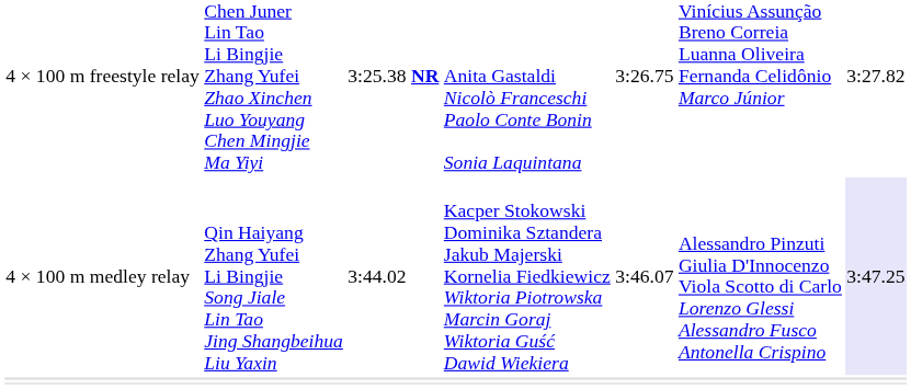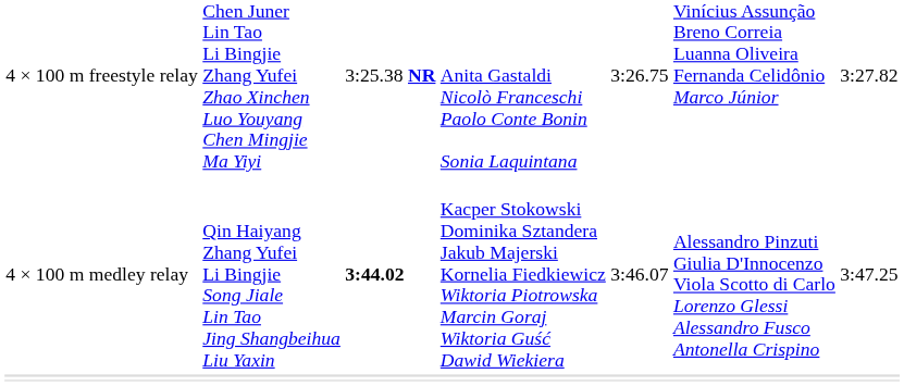 <table>
 <tr>
 <td>4 × 100 m freestyle relay<br></td>
 <td valign=top><br><a href='#'>Chen Juner</a><br><a href='#'>Lin Tao</a><br><a href='#'>Li Bingjie</a><br><a href='#'>Zhang Yufei</a> <br><em><a href='#'>Zhao Xinchen</a><br><a href='#'>Luo Youyang</a><br><a href='#'>Chen Mingjie</a><br><a href='#'>Ma Yiyi</a></em></td>
 <td>3:25.38 <strong><a href='#'>NR</a></strong></td>
 <td valign=top><br><br><br><br><a href='#'>Anita Gastaldi</a> <br><em><a href='#'>Nicolò Franceschi</a><br><a href='#'>Paolo Conte Bonin</a><br><br><a href='#'>Sonia Laquintana</a></em></td>
 <td>3:26.75</td>
 <td valign=top><br><a href='#'>Vinícius Assunção</a><br><a href='#'>Breno Correia</a><br><a href='#'>Luanna Oliveira</a><br><a href='#'>Fernanda Celidônio</a><br><em><a href='#'>Marco Júnior</a></em></td>
 <td>3:27.82</td>
 </tr>
 <tr>
 <td>4 × 100 m medley relay<br></td>
 <td><br><br><a href='#'>Qin Haiyang</a><br><a href='#'>Zhang Yufei</a><br><a href='#'>Li Bingjie</a><br><em><a href='#'>Song Jiale</a><br><a href='#'>Lin Tao</a><br><a href='#'>Jing Shangbeihua</a><br><a href='#'>Liu Yaxin</a></em></td>
-<td>3:44.02</td>
+<td><strong>3:44.02</strong></td>
 <td><br><a href='#'>Kacper Stokowski</a><br><a href='#'>Dominika Sztandera</a><br><a href='#'>Jakub Majerski</a><br><a href='#'>Kornelia Fiedkiewicz</a><br><em><a href='#'>Wiktoria Piotrowska</a><br><a href='#'>Marcin Goraj</a><br><a href='#'>Wiktoria Guść</a><br><a href='#'>Dawid Wiekiera</a></em></td>
 <td>3:46.07</td>
 <td><br><br><a href='#'>Alessandro Pinzuti</a><br><a href='#'>Giulia D'Innocenzo</a><br><a href='#'>Viola Scotto di Carlo</a><br><em><a href='#'>Lorenzo Glessi</a><br><a href='#'>Alessandro Fusco</a><br><a href='#'>Antonella Crispino</a><br></em></td>
-<td style="background: lavender;">3:47.25</td>
+<td>3:47.25</td>
 </tr>
 <tr bgcolor=#DDDDDD>
 <td colspan=7></td>
 </tr>
 <tr bgcolor= e8e8e8>
 <td colspan=7></td>
 </tr>
 </table>
